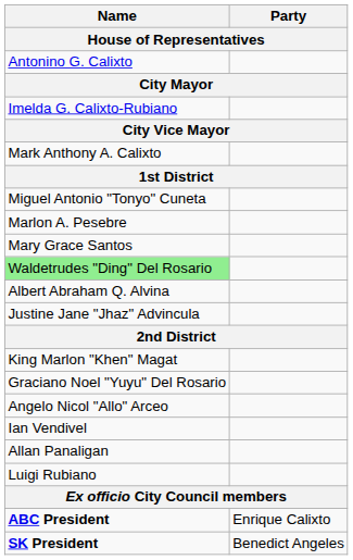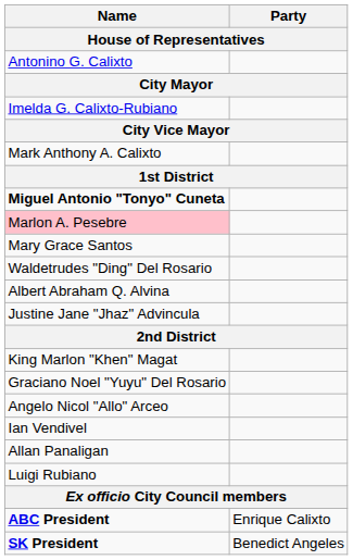 <table class=wikitable>
 <tr>
 <th>Name</th>
 <th colspan=2>Party</th>
 </tr>
 <tr>
 <th colspan=3>House of Representatives</th>
 </tr>
 <tr>
 <td><a href='#'>Antonino G. Calixto</a></td>
 <td></td>
 </tr>
 <tr>
 <th colspan=3>City Mayor</th>
 </tr>
 <tr>
 <td><a href='#'>Imelda G. Calixto-Rubiano</a></td>
 <td></td>
 </tr>
 <tr>
 <th colspan=3>City Vice Mayor</th>
 </tr>
 <tr>
 <td>Mark Anthony A. Calixto</td>
 <td></td>
 </tr>
 <tr>
 <th colspan=3>1st District</th>
 </tr>
 <tr>
-<td>Miguel Antonio "Tonyo" Cuneta</td>
+<td><strong>Miguel Antonio "Tonyo" Cuneta</strong></td>
 <td></td>
 </tr>
 <tr>
-<td>Marlon A. Pesebre</td>
+<td style="background: pink;">Marlon A. Pesebre</td>
 <td></td>
 </tr>
 <tr>
 <td>Mary Grace Santos</td>
 <td></td>
 </tr>
 <tr>
-<td style="background: lightgreen;">Waldetrudes "Ding" Del Rosario</td>
+<td>Waldetrudes "Ding" Del Rosario</td>
 <td></td>
 </tr>
 <tr>
 <td>Albert Abraham Q. Alvina</td>
 <td></td>
 </tr>
 <tr>
 <td>Justine Jane "Jhaz" Advincula</td>
 <td></td>
 </tr>
 <tr>
 <th colspan=3>2nd District</th>
 </tr>
 <tr>
 <td>King Marlon "Khen" Magat</td>
 <td></td>
 </tr>
 <tr>
 <td>Graciano Noel "Yuyu" Del Rosario</td>
 <td></td>
 </tr>
 <tr>
 <td>Angelo Nicol "Allo" Arceo</td>
 <td></td>
 </tr>
 <tr>
 <td>Ian Vendivel</td>
 <td></td>
 </tr>
 <tr>
 <td>Allan Panaligan</td>
 <td></td>
 </tr>
 <tr>
 <td>Luigi Rubiano</td>
 <td></td>
 </tr>
 <tr>
 <th colspan=4><em>Ex officio</em> City Council members</th>
 </tr>
 <tr>
 <td><strong><a href='#'>ABC</a> President</strong></td>
 <td colspan=3>Enrique Calixto<br></td>
 </tr>
 <tr>
 <td><strong><a href='#'>SK</a> President</strong></td>
 <td colspan=3>Benedict Angeles<br></td>
 </tr>
 </table>
